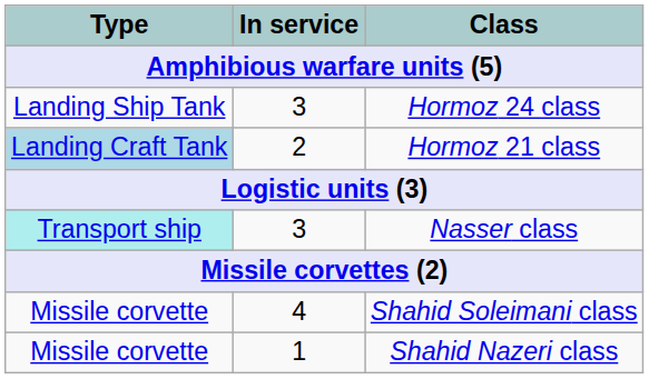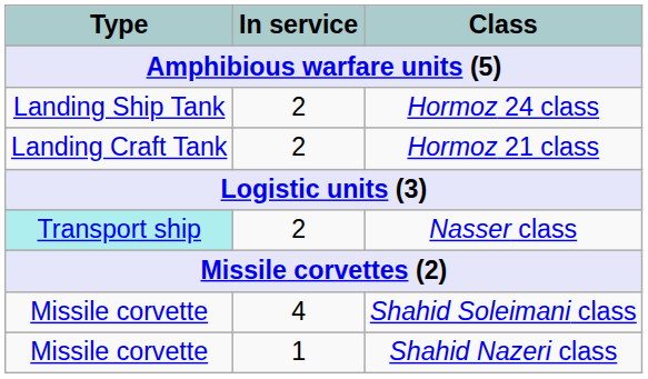 <table class="wikitable" style="text-align: center">
 <tr>
 <th style="text-align:center; background:#acc;">Type</th>
 <th style="text-align: center; background:#acc;">In service</th>
 <th style="text-align:l center; background:#acc;">Class</th>
 </tr>
 <tr>
 <th style="align: center; background: lavender;" colspan="7"><a href='#'>Amphibious warfare units</a> (5)</th>
 </tr>
 <tr>
 <td><a href='#'>Landing Ship Tank</a></td>
-<td>3</td>
+<td>2</td>
 <td><a href='#'><em>Hormoz</em> 24 class</a></td>
 </tr>
 <tr>
-<td style="background: lightblue;"><a href='#'>Landing Craft Tank</a></td>
+<td><a href='#'>Landing Craft Tank</a></td>
 <td>2</td>
 <td><a href='#'><em>Hormoz</em> 21 class</a></td>
 </tr>
 <tr>
 <th style="align: center; background: lavender;" colspan="7"><a href='#'>Logistic units</a> (3)</th>
 </tr>
 <tr>
 <td style="background: paleturquoise;"><a href='#'>Transport ship</a></td>
-<td>3</td>
+<td>2</td>
 <td><a href='#'><em>Nasser</em> class</a></td>
 </tr>
 <tr>
 <th style="align: center; background: lavender;" colspan="7"><a href='#'>Missile corvettes</a> (2)</th>
 </tr>
 <tr>
 <td><a href='#'>Missile corvette</a></td>
 <td>4</td>
 <td><a href='#'><em>Shahid Soleimani</em> class</a></td>
 </tr>
 <tr>
 <td><a href='#'>Missile corvette</a></td>
 <td>1</td>
 <td><a href='#'><em>Shahid Nazeri</em> class</a></td>
 </tr>
 </table>
